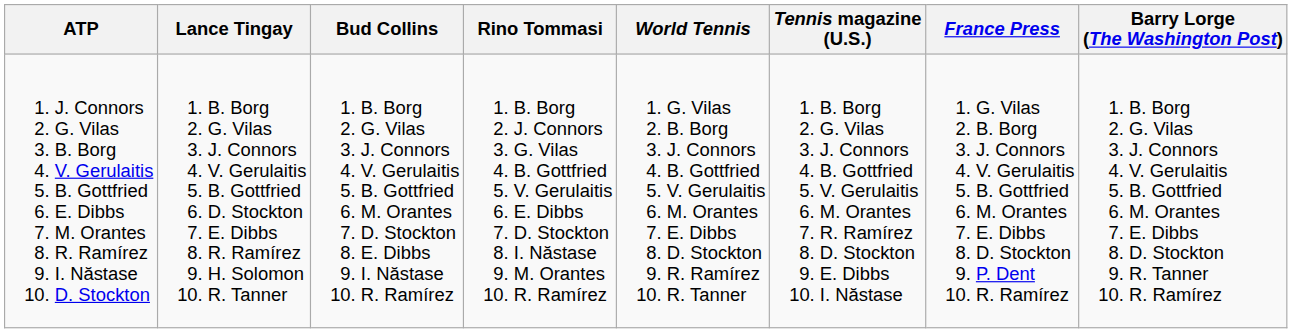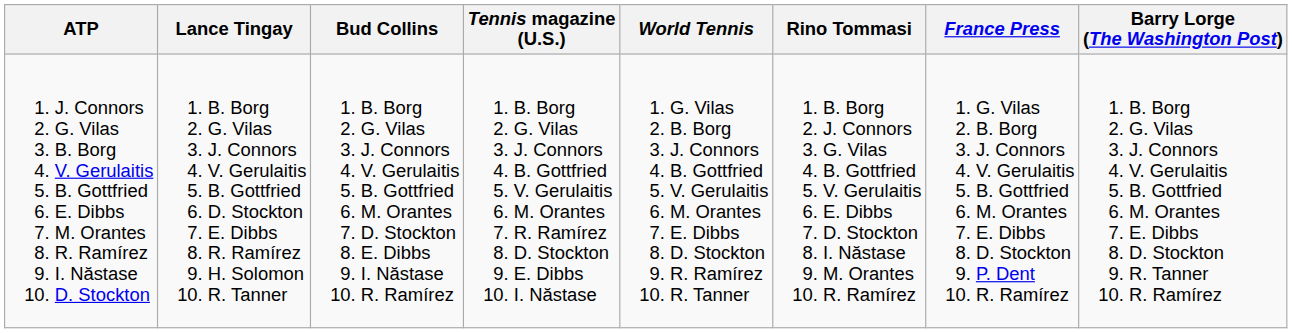 <table class="wikitable">
 <tr>
 <th>ATP</th>
 <th>Lance Tingay</th>
 <th>Bud Collins</th>
+<th><em>Tennis</em> magazine<br>(U.S.)</th>
+<th><em>World Tennis</em></th>
 <th>Rino Tommasi</th>
-<th><em>World Tennis</em></th>
-<th><em>Tennis</em> magazine<br>(U.S.)</th>
 <th><a href='#'><em>France Press</em></a></th>
 <th>Barry Lorge<br>(<em><a href='#'>The Washington Post</a></em>)</th>
 </tr>
 <tr style="vertical-align: top;">
 <td style="white-space: nowrap;"><br><ol><li> J. Connors</li><li> G. Vilas</li><li> B. Borg</li><li> <a href='#'>V. Gerulaitis</a></li><li> B. Gottfried</li><li> E. Dibbs</li><li> M. Orantes</li><li> R. Ramírez</li><li> I. Năstase</li><li> <a href='#'>D. Stockton</a></li></ol></td>
 <td style="white-space: nowrap;"><br><ol><li> B. Borg</li><li> G. Vilas</li><li> J. Connors</li><li> V. Gerulaitis</li><li> B. Gottfried</li><li> D. Stockton</li><li> E. Dibbs</li><li> R. Ramírez</li><li> H. Solomon</li><li> R. Tanner</li></ol></td>
 <td style="white-space: nowrap;"><br><ol><li> B. Borg</li><li> G. Vilas</li><li> J. Connors</li><li> V. Gerulaitis</li><li> B. Gottfried</li><li> M. Orantes</li><li> D. Stockton</li><li> E. Dibbs</li><li> I. Năstase</li><li> R. Ramírez</li></ol></td>
+<td style="white-space: nowrap;"><br><ol><li> B. Borg</li><li> G. Vilas</li><li> J. Connors</li><li> B. Gottfried</li><li> V. Gerulaitis</li><li> M. Orantes</li><li> R. Ramírez</li><li> D. Stockton</li><li> E. Dibbs</li><li> I. Năstase</li></ol></td>
+<td style="white-space: nowrap;"><br><ol><li> G. Vilas</li><li> B. Borg</li><li> J. Connors</li><li> B. Gottfried</li><li> V. Gerulaitis</li><li> M. Orantes</li><li> E. Dibbs</li><li> D. Stockton</li><li> R. Ramírez</li><li> R. Tanner</li></ol></td>
 <td style="white-space: nowrap;"><br><ol><li> B. Borg</li><li> J. Connors</li><li> G. Vilas</li><li> B. Gottfried</li><li> V. Gerulaitis</li><li> E. Dibbs</li><li> D. Stockton</li><li> I. Năstase</li><li> M. Orantes</li><li> R. Ramírez</li></ol></td>
-<td style="white-space: nowrap;"><br><ol><li> G. Vilas</li><li> B. Borg</li><li> J. Connors</li><li> B. Gottfried</li><li> V. Gerulaitis</li><li> M. Orantes</li><li> E. Dibbs</li><li> D. Stockton</li><li> R. Ramírez</li><li> R. Tanner</li></ol></td>
-<td style="white-space: nowrap;"><br><ol><li> B. Borg</li><li> G. Vilas</li><li> J. Connors</li><li> B. Gottfried</li><li> V. Gerulaitis</li><li> M. Orantes</li><li> R. Ramírez</li><li> D. Stockton</li><li> E. Dibbs</li><li> I. Năstase</li></ol></td>
 <td style="white-space: nowrap;"><br><ol><li> G. Vilas</li><li> B. Borg</li><li> J. Connors</li><li> V. Gerulaitis</li><li> B. Gottfried</li><li> M. Orantes</li><li> E. Dibbs</li><li> D. Stockton</li><li> <a href='#'>P. Dent</a></li><li> R. Ramírez</li></ol></td>
 <td style="white-space: nowrap;"><br><ol><li> B. Borg</li><li> G. Vilas</li><li> J. Connors</li><li> V. Gerulaitis</li><li> B. Gottfried</li><li> M. Orantes</li><li> E. Dibbs</li><li> D. Stockton</li><li> R. Tanner</li><li> R. Ramírez</li></ol></td>
 </tr>
 </table>
